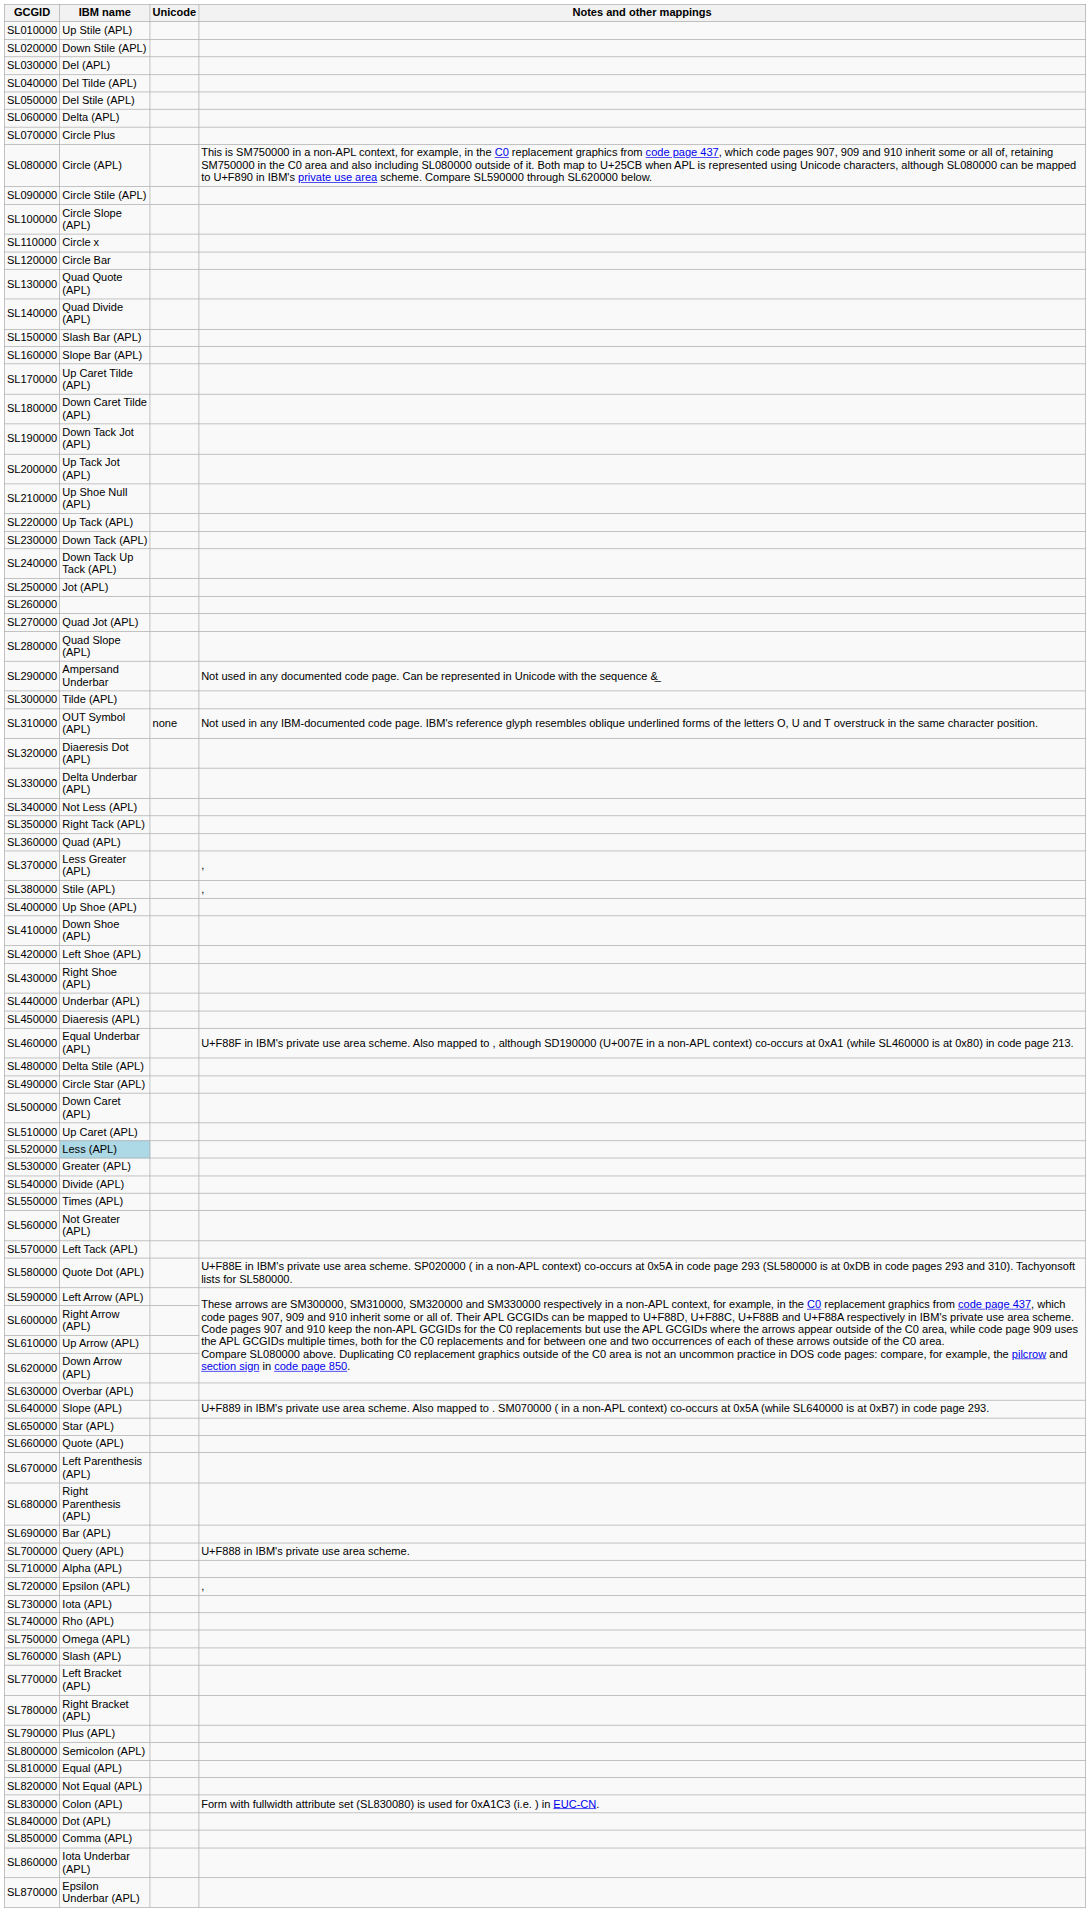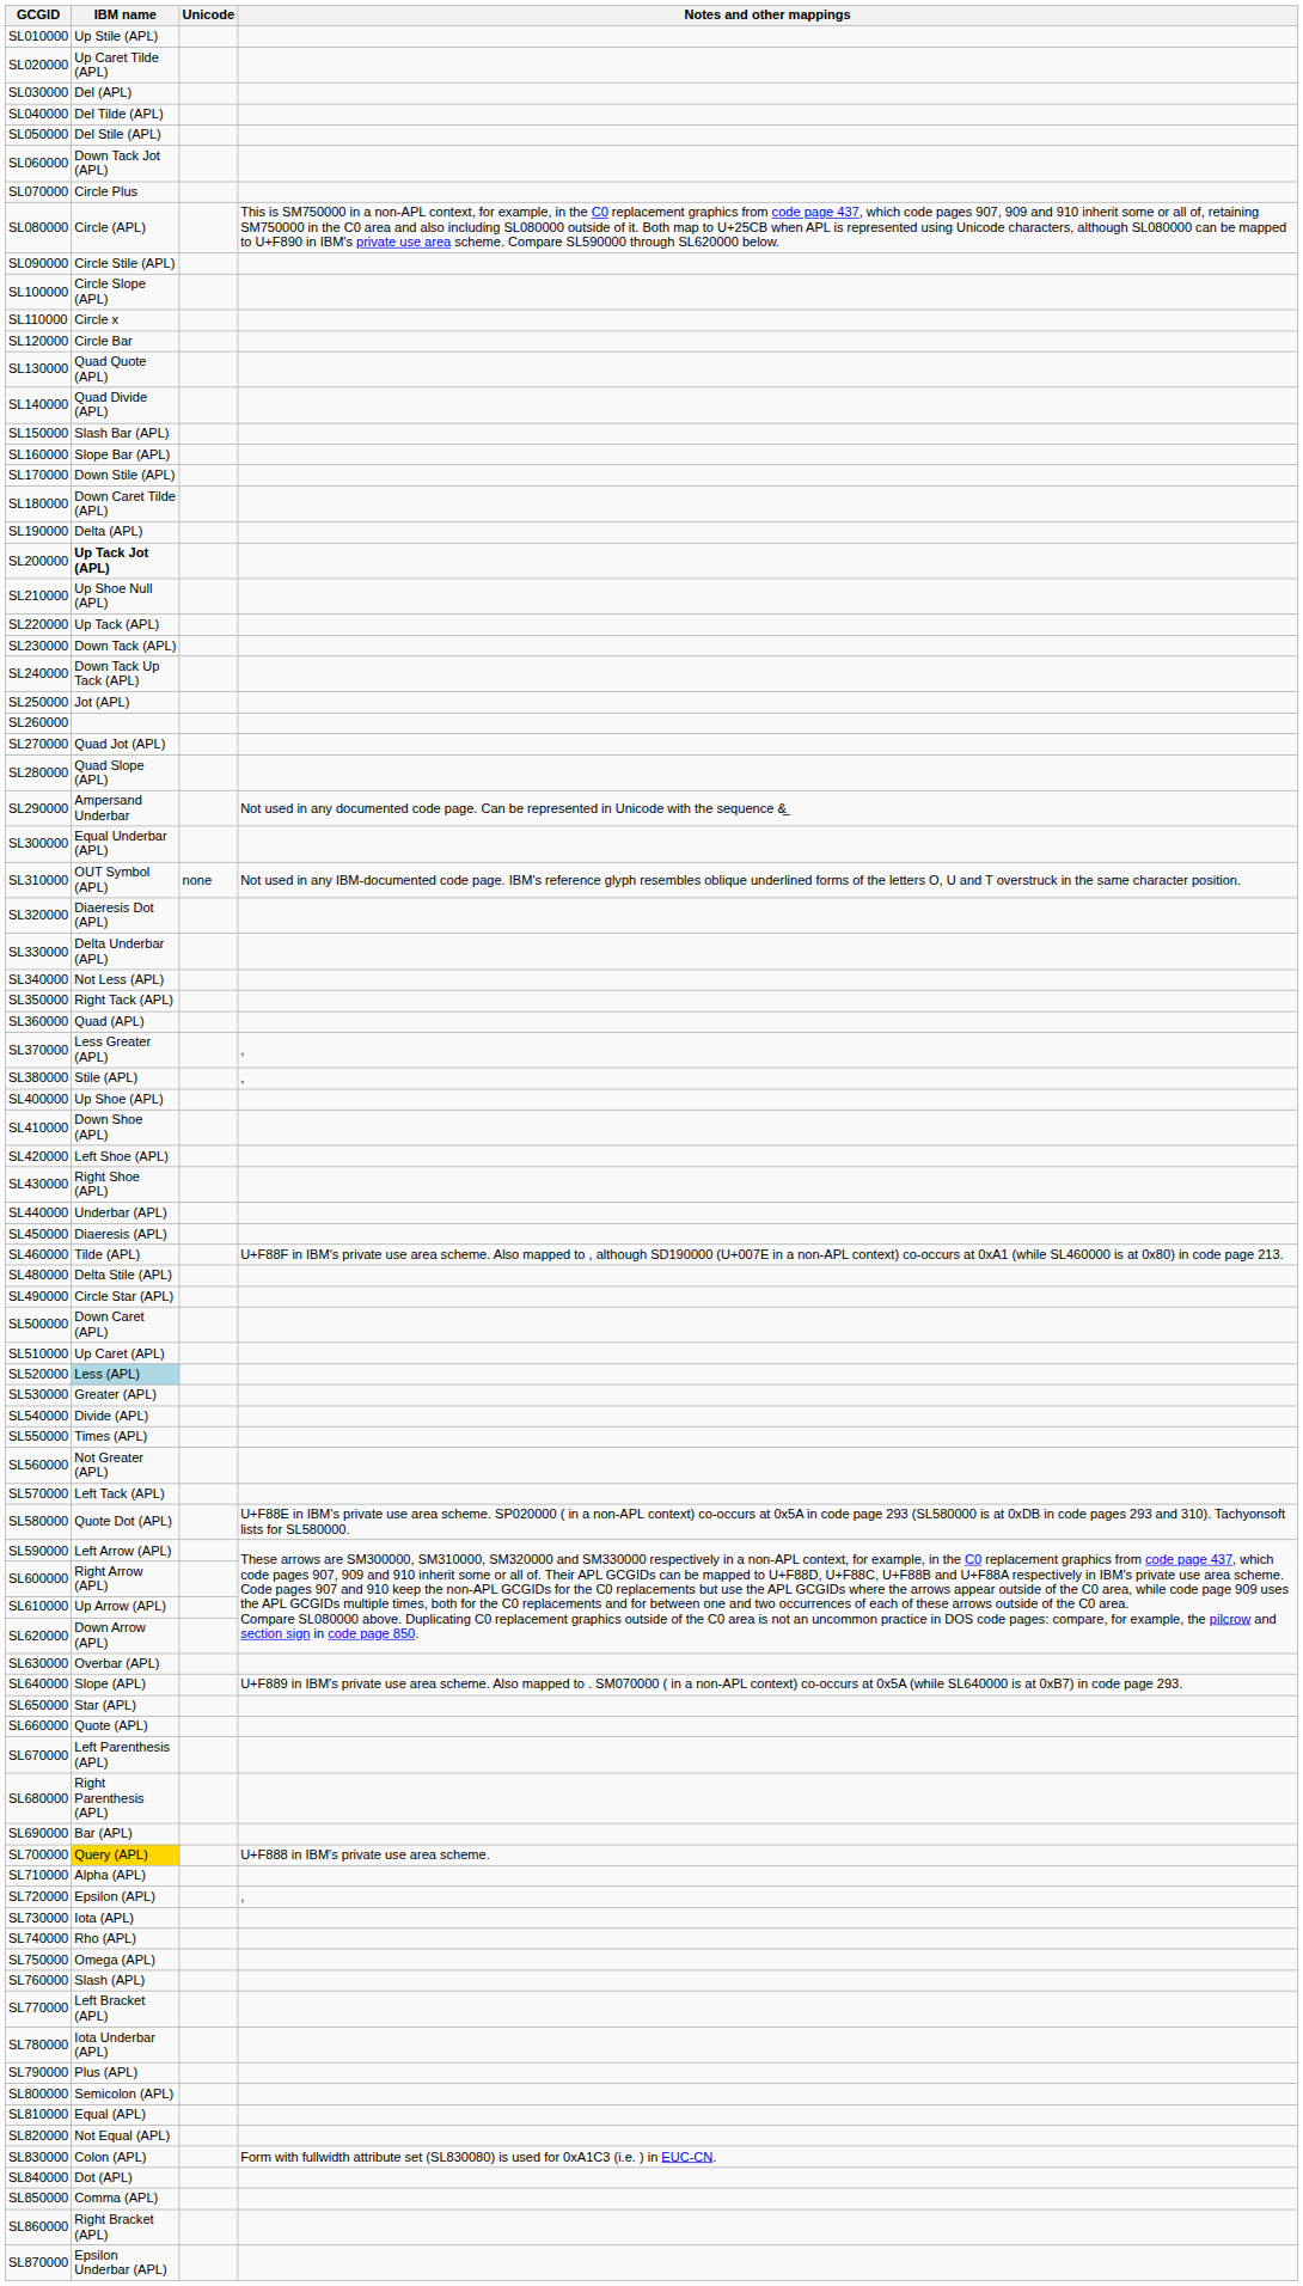 <table class="wikitable collapsible">
 <tr>
 <th>GCGID</th>
 <th>IBM name</th>
 <th>Unicode</th>
 <th>Notes and other mappings</th>
 </tr>
 <tr>
 <td>SL010000</td>
 <td>Up Stile (APL)</td>
 <td></td>
 <td></td>
 </tr>
 <tr>
 <td>SL020000</td>
-<td>Down Stile (APL)</td>
+<td>Up Caret Tilde (APL)</td>
 <td></td>
 <td></td>
 </tr>
 <tr>
 <td>SL030000</td>
 <td>Del (APL)</td>
 <td></td>
 <td></td>
 </tr>
 <tr>
 <td>SL040000</td>
 <td>Del Tilde (APL)</td>
 <td></td>
 <td></td>
 </tr>
 <tr>
 <td>SL050000</td>
 <td>Del Stile (APL)</td>
 <td></td>
 <td></td>
 </tr>
 <tr>
 <td>SL060000</td>
-<td>Delta (APL)</td>
+<td>Down Tack Jot (APL)</td>
 <td></td>
 <td></td>
 </tr>
 <tr>
 <td>SL070000</td>
 <td>Circle Plus</td>
 <td></td>
 <td></td>
 </tr>
 <tr>
 <td>SL080000</td>
 <td>Circle (APL)</td>
 <td></td>
 <td>This is SM750000 in a non-APL context, for example, in the <a href='#'>C0</a> replacement graphics from <a href='#'>code page 437</a>, which code pages 907, 909 and 910 inherit some or all of, retaining SM750000 in the C0 area and also including SL080000 outside of it. Both map to U+25CB when APL is represented using Unicode characters, although SL080000 can be mapped to U+F890 in IBM's <a href='#'>private use area</a> scheme. Compare SL590000 through SL620000 below.</td>
 </tr>
 <tr>
 <td>SL090000</td>
 <td>Circle Stile (APL)</td>
 <td></td>
 <td></td>
 </tr>
 <tr>
 <td>SL100000</td>
 <td>Circle Slope (APL)</td>
 <td></td>
 <td></td>
 </tr>
 <tr>
 <td>SL110000</td>
 <td>Circle x</td>
 <td></td>
 <td></td>
 </tr>
 <tr>
 <td>SL120000</td>
 <td>Circle Bar</td>
 <td></td>
 <td></td>
 </tr>
 <tr>
 <td>SL130000</td>
 <td>Quad Quote (APL)</td>
 <td></td>
 <td></td>
 </tr>
 <tr>
 <td>SL140000</td>
 <td>Quad Divide (APL)</td>
 <td></td>
 <td></td>
 </tr>
 <tr>
 <td>SL150000</td>
 <td>Slash Bar (APL)</td>
 <td></td>
 <td></td>
 </tr>
 <tr>
 <td>SL160000</td>
 <td>Slope Bar (APL)</td>
 <td></td>
 <td></td>
 </tr>
 <tr>
 <td>SL170000</td>
-<td>Up Caret Tilde (APL)</td>
+<td>Down Stile (APL)</td>
 <td></td>
 <td></td>
 </tr>
 <tr>
 <td>SL180000</td>
 <td>Down Caret Tilde (APL)</td>
 <td></td>
 <td></td>
 </tr>
 <tr>
 <td>SL190000</td>
-<td>Down Tack Jot (APL)</td>
+<td>Delta (APL)</td>
 <td></td>
 <td></td>
 </tr>
 <tr>
 <td>SL200000</td>
-<td>Up Tack Jot (APL)</td>
+<td><strong>Up Tack Jot (APL)</strong></td>
 <td></td>
 <td></td>
 </tr>
 <tr>
 <td>SL210000</td>
 <td>Up Shoe Null (APL)</td>
 <td></td>
 <td></td>
 </tr>
 <tr>
 <td>SL220000</td>
 <td>Up Tack (APL)</td>
 <td></td>
 <td></td>
 </tr>
 <tr>
 <td>SL230000</td>
 <td>Down Tack (APL)</td>
 <td></td>
 <td></td>
 </tr>
 <tr>
 <td>SL240000</td>
 <td>Down Tack Up Tack (APL)</td>
 <td></td>
 <td></td>
 </tr>
 <tr>
 <td>SL250000</td>
 <td>Jot (APL)</td>
 <td></td>
 <td></td>
 </tr>
 <tr>
 <td>SL260000</td>
 <td></td>
 <td></td>
 <td></td>
 </tr>
 <tr>
 <td>SL270000</td>
 <td>Quad Jot (APL)</td>
 <td></td>
 <td></td>
 </tr>
 <tr>
 <td>SL280000</td>
 <td>Quad Slope (APL)</td>
 <td></td>
 <td></td>
 </tr>
 <tr>
 <td>SL290000</td>
 <td>Ampersand Underbar</td>
 <td></td>
 <td>Not used in any documented code page. Can be represented in Unicode with the sequence   &̲</td>
 </tr>
 <tr>
 <td>SL300000</td>
-<td>Tilde (APL)</td>
+<td>Equal Underbar (APL)</td>
 <td></td>
 <td></td>
 </tr>
 <tr>
 <td>SL310000</td>
 <td>OUT Symbol (APL)</td>
 <td>none</td>
 <td>Not used in any IBM-documented code page. IBM's reference glyph resembles oblique underlined forms of the letters O, U and T overstruck in the same character position.</td>
 </tr>
 <tr>
 <td>SL320000</td>
 <td>Diaeresis Dot (APL)</td>
 <td></td>
 <td></td>
 </tr>
 <tr>
 <td>SL330000</td>
 <td>Delta Underbar (APL)</td>
 <td></td>
 <td></td>
 </tr>
 <tr>
 <td>SL340000</td>
 <td>Not Less (APL)</td>
 <td></td>
 <td></td>
 </tr>
 <tr>
 <td>SL350000</td>
 <td>Right Tack (APL)</td>
 <td></td>
 <td></td>
 </tr>
 <tr>
 <td>SL360000</td>
 <td>Quad (APL)</td>
 <td></td>
 <td></td>
 </tr>
 <tr>
 <td>SL370000</td>
 <td>Less Greater (APL)</td>
 <td></td>
 <td>, </td>
 </tr>
 <tr>
 <td>SL380000</td>
 <td>Stile (APL)</td>
 <td></td>
 <td>, </td>
 </tr>
 <tr>
 <td>SL400000</td>
 <td>Up Shoe (APL)</td>
 <td></td>
 <td></td>
 </tr>
 <tr>
 <td>SL410000</td>
 <td>Down Shoe (APL)</td>
 <td></td>
 <td></td>
 </tr>
 <tr>
 <td>SL420000</td>
 <td>Left Shoe (APL)</td>
 <td></td>
 <td></td>
 </tr>
 <tr>
 <td>SL430000</td>
 <td>Right Shoe (APL)</td>
 <td></td>
 <td></td>
 </tr>
 <tr>
 <td>SL440000</td>
 <td>Underbar (APL)</td>
 <td></td>
 <td></td>
 </tr>
 <tr>
 <td>SL450000</td>
 <td>Diaeresis (APL)</td>
 <td></td>
 <td></td>
 </tr>
 <tr>
 <td>SL460000</td>
-<td>Equal Underbar (APL)</td>
+<td>Tilde (APL)</td>
 <td></td>
 <td>U+F88F in IBM's private use area scheme. Also mapped to , although SD190000 (U+007E in a non-APL context) co-occurs at 0xA1 (while SL460000 is at 0x80) in code page 213.</td>
 </tr>
 <tr>
 <td>SL480000</td>
 <td>Delta Stile (APL)</td>
 <td></td>
 <td></td>
 </tr>
 <tr>
 <td>SL490000</td>
 <td>Circle Star (APL)</td>
 <td></td>
 <td></td>
 </tr>
 <tr>
 <td>SL500000</td>
 <td>Down Caret (APL)</td>
 <td></td>
 <td></td>
 </tr>
 <tr>
 <td>SL510000</td>
 <td>Up Caret (APL)</td>
 <td></td>
 <td></td>
 </tr>
 <tr>
 <td>SL520000</td>
 <td style="background: lightblue;">Less (APL)</td>
 <td></td>
 <td></td>
 </tr>
 <tr>
 <td>SL530000</td>
 <td>Greater (APL)</td>
 <td></td>
 <td></td>
 </tr>
 <tr>
 <td>SL540000</td>
 <td>Divide (APL)</td>
 <td></td>
 <td></td>
 </tr>
 <tr>
 <td>SL550000</td>
 <td>Times (APL)</td>
 <td></td>
 <td></td>
 </tr>
 <tr>
 <td>SL560000</td>
 <td>Not Greater (APL)</td>
 <td></td>
 <td></td>
 </tr>
 <tr>
 <td>SL570000</td>
 <td>Left Tack (APL)</td>
 <td></td>
 <td></td>
 </tr>
 <tr>
 <td>SL580000</td>
 <td>Quote Dot (APL)</td>
 <td></td>
 <td>U+F88E in IBM's private use area scheme. SP020000 ( in a non-APL context) co-occurs at 0x5A in code page 293 (SL580000 is at 0xDB in code pages 293 and 310). Tachyonsoft lists  for SL580000.</td>
 </tr>
 <tr>
 <td>SL590000</td>
 <td>Left Arrow (APL)</td>
 <td></td>
 <td rowspan=4>These arrows are SM300000, SM310000, SM320000 and SM330000 respectively in a non-APL context, for example, in the <a href='#'>C0</a> replacement graphics from <a href='#'>code page 437</a>, which code pages 907, 909 and 910 inherit some or all of. Their APL GCGIDs can be mapped to U+F88D, U+F88C, U+F88B and U+F88A respectively in IBM's private use area scheme.<br>Code pages 907 and 910 keep the non-APL GCGIDs for the C0 replacements but use the APL GCGIDs where the arrows appear outside of the C0 area, while code page 909 uses the APL GCGIDs multiple times, both for the C0 replacements and for between one and two occurrences of each of these arrows outside of the C0 area.<br>Compare SL080000 above. Duplicating C0 replacement graphics outside of the C0 area is not an uncommon practice in DOS code pages: compare, for example, the <a href='#'>pilcrow</a> and <a href='#'>section sign</a> in <a href='#'>code page 850</a>.</td>
 </tr>
 <tr>
 <td>SL600000</td>
 <td>Right Arrow (APL)</td>
 <td></td>
 </tr>
 <tr>
 <td>SL610000</td>
 <td>Up Arrow (APL)</td>
 <td></td>
 </tr>
 <tr>
 <td>SL620000</td>
 <td>Down Arrow (APL)</td>
 <td></td>
 </tr>
 <tr>
 <td>SL630000</td>
 <td>Overbar (APL)</td>
 <td></td>
 <td></td>
 </tr>
 <tr>
 <td>SL640000</td>
 <td>Slope (APL)</td>
 <td></td>
 <td>U+F889 in IBM's private use area scheme. Also mapped to . SM070000 ( in a non-APL context) co-occurs at 0x5A (while SL640000 is at 0xB7) in code page 293.</td>
 </tr>
 <tr>
 <td>SL650000</td>
 <td>Star (APL)</td>
 <td></td>
 <td></td>
 </tr>
 <tr>
 <td>SL660000</td>
 <td>Quote (APL)</td>
 <td></td>
 <td></td>
 </tr>
 <tr>
 <td>SL670000</td>
 <td>Left Parenthesis (APL)</td>
 <td></td>
 <td></td>
 </tr>
 <tr>
 <td>SL680000</td>
 <td>Right Parenthesis (APL)</td>
 <td></td>
 <td></td>
 </tr>
 <tr>
 <td>SL690000</td>
 <td>Bar (APL)</td>
 <td></td>
 <td></td>
 </tr>
 <tr>
 <td>SL700000</td>
-<td>Query (APL)</td>
+<td style="background: gold;">Query (APL)</td>
 <td></td>
 <td>U+F888 in IBM's private use area scheme.</td>
 </tr>
 <tr>
 <td>SL710000</td>
 <td>Alpha (APL)</td>
 <td></td>
 <td></td>
 </tr>
 <tr>
 <td>SL720000</td>
 <td>Epsilon (APL)</td>
 <td></td>
 <td>, </td>
 </tr>
 <tr>
 <td>SL730000</td>
 <td>Iota (APL)</td>
 <td></td>
 <td></td>
 </tr>
 <tr>
 <td>SL740000</td>
 <td>Rho (APL)</td>
 <td></td>
 <td></td>
 </tr>
 <tr>
 <td>SL750000</td>
 <td>Omega (APL)</td>
 <td></td>
 <td></td>
 </tr>
 <tr>
 <td>SL760000</td>
 <td>Slash (APL)</td>
 <td></td>
 <td></td>
 </tr>
 <tr>
 <td>SL770000</td>
 <td>Left Bracket (APL)</td>
 <td></td>
 <td></td>
 </tr>
 <tr>
 <td>SL780000</td>
-<td>Right Bracket (APL)</td>
+<td>Iota Underbar (APL)</td>
 <td></td>
 <td></td>
 </tr>
 <tr>
 <td>SL790000</td>
 <td>Plus (APL)</td>
 <td></td>
 <td></td>
 </tr>
 <tr>
 <td>SL800000</td>
 <td>Semicolon (APL)</td>
 <td></td>
 <td></td>
 </tr>
 <tr>
 <td>SL810000</td>
 <td>Equal (APL)</td>
 <td></td>
 <td></td>
 </tr>
 <tr>
 <td>SL820000</td>
 <td>Not Equal (APL)</td>
 <td></td>
 <td></td>
 </tr>
 <tr>
 <td>SL830000</td>
 <td>Colon (APL)</td>
 <td></td>
 <td>Form with fullwidth attribute set (SL830080) is used for 0xA1C3 (i.e. ) in <a href='#'>EUC-CN</a>.</td>
 </tr>
 <tr>
 <td>SL840000</td>
 <td>Dot (APL)</td>
 <td></td>
 <td></td>
 </tr>
 <tr>
 <td>SL850000</td>
 <td>Comma (APL)</td>
 <td></td>
 <td></td>
 </tr>
 <tr>
 <td>SL860000</td>
-<td>Iota Underbar (APL)</td>
+<td>Right Bracket (APL)</td>
 <td></td>
 <td></td>
 </tr>
 <tr>
 <td>SL870000</td>
 <td>Epsilon Underbar (APL)</td>
 <td></td>
 <td></td>
 </tr>
 </table>
